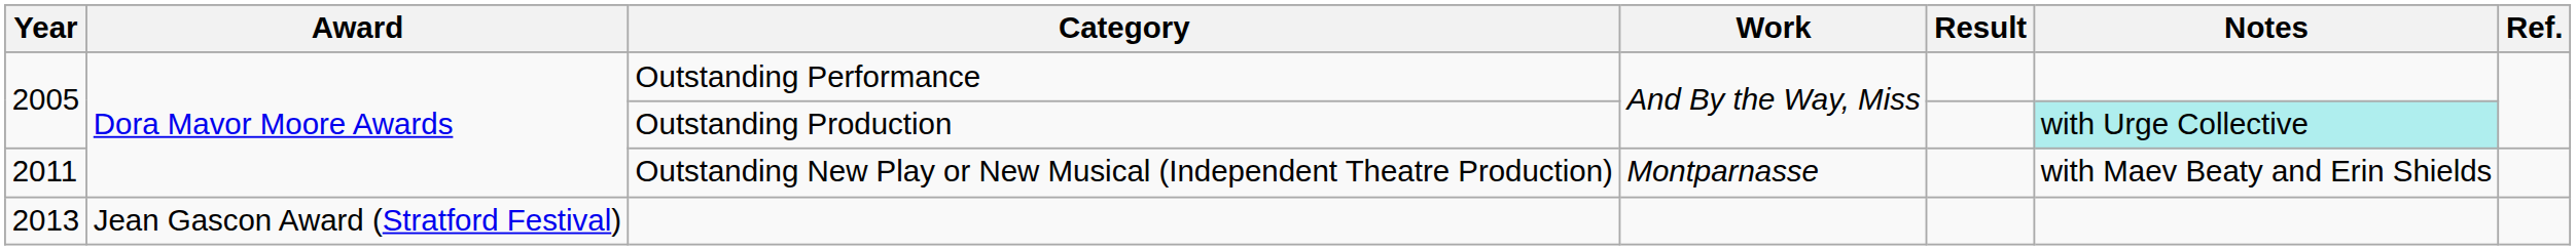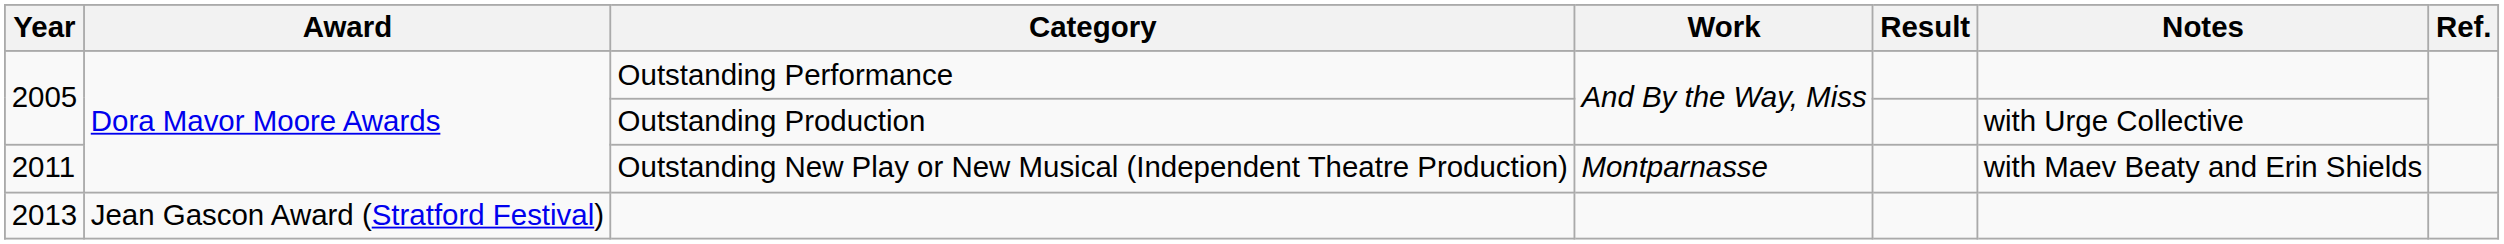 <table class="wikitable">
 <tr>
 <th>Year</th>
 <th>Award</th>
 <th>Category</th>
 <th>Work</th>
 <th>Result</th>
 <th>Notes</th>
 <th>Ref.</th>
 </tr>
 <tr>
 <td rowspan="2">2005</td>
 <td rowspan="3"><a href='#'>Dora Mavor Moore Awards</a></td>
 <td>Outstanding Performance</td>
 <td rowspan="2"><em>And By the Way, Miss</em></td>
 <td></td>
 <td></td>
 <td rowspan="2"></td>
 </tr>
 <tr>
 <td>Outstanding Production</td>
 <td></td>
-<td style="background: paleturquoise;">with Urge Collective</td>
+<td>with Urge Collective</td>
 </tr>
 <tr>
 <td>2011</td>
 <td>Outstanding New Play or New Musical (Independent Theatre Production)</td>
 <td><em>Montparnasse</em></td>
 <td></td>
 <td>with Maev Beaty and Erin Shields</td>
 <td></td>
 </tr>
 <tr>
 <td>2013</td>
 <td>Jean Gascon Award (<a href='#'>Stratford Festival</a>)</td>
 <td></td>
 <td></td>
 <td></td>
 <td></td>
 <td></td>
 </tr>
 </table>
